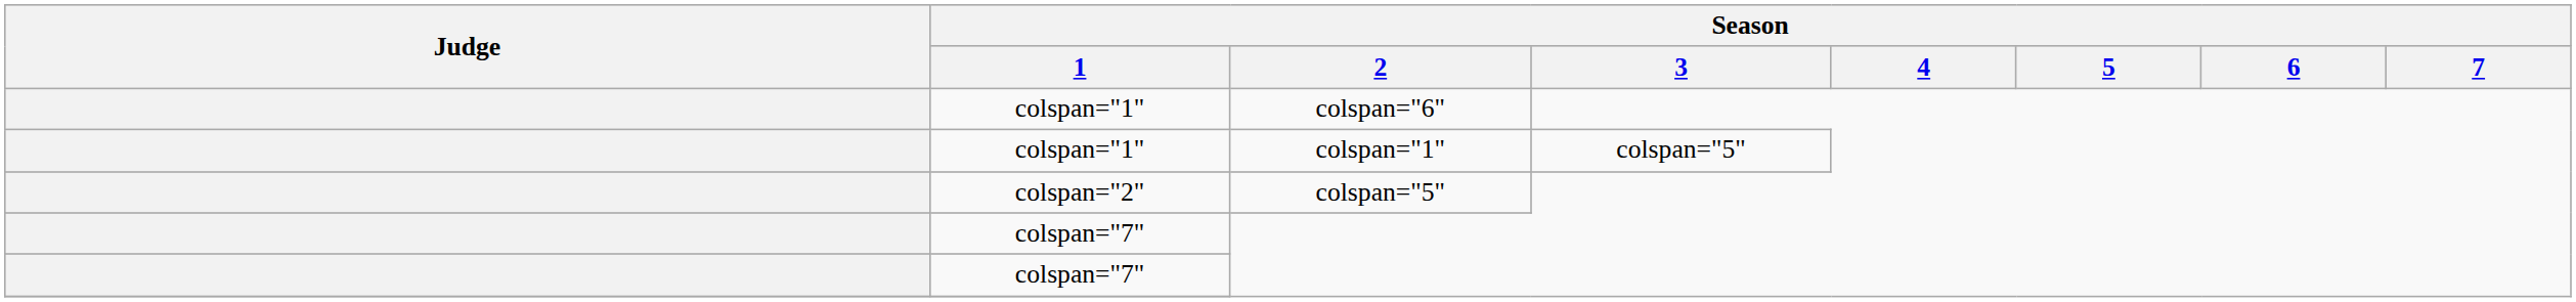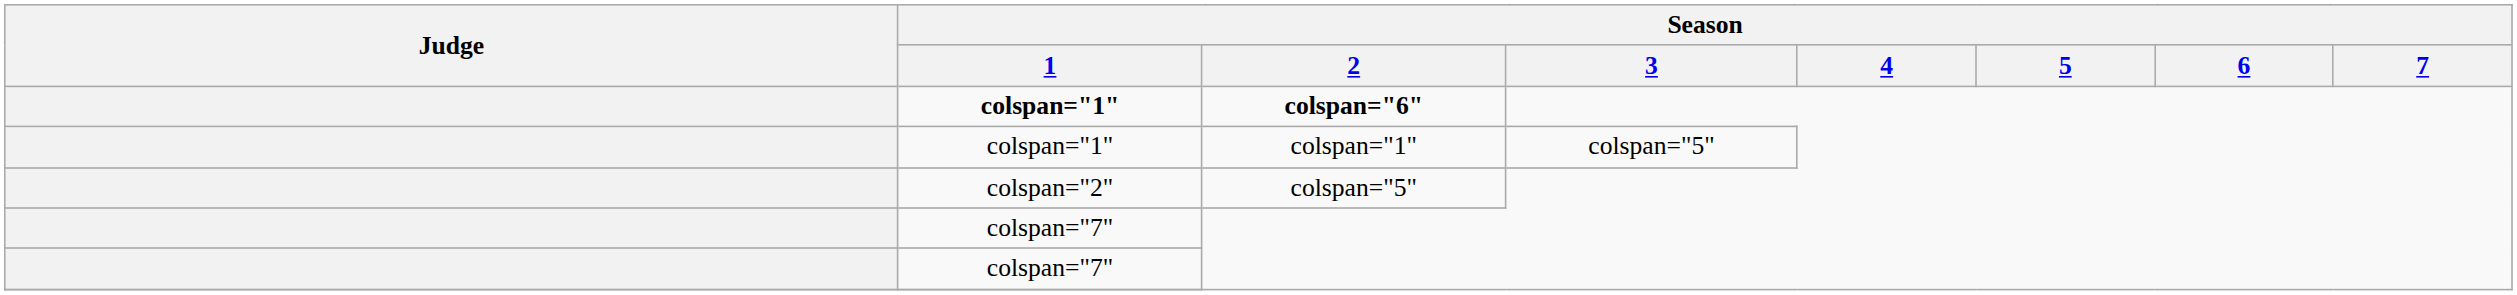 <table class="wikitable plainrowheaders" style="text-align:center">
 <tr>
 <th rowspan="2" style="width:5%;" scope="col">Judge</th>
 <th colspan="8">Season</th>
 </tr>
 <tr>
 <th style="width:1%;" scope="colspan"><a href='#'>1</a></th>
 <th style="width:1%;" scope="colspan"><a href='#'>2</a></th>
 <th style="width:1%;" scope="colspan"><a href='#'>3</a></th>
 <th style="width:1%;" scope="colspan"><a href='#'>4</a></th>
 <th style="width:1%;" scope="colspan"><a href='#'>5</a></th>
 <th style="width:1%;" scope="colspan"><a href='#'>6</a></th>
 <th style="width:1%;" scope="colspan"><a href='#'>7</a></th>
 </tr>
 <tr>
 <th scope="row"></th>
-<td>colspan="1" </td>
-<td>colspan="6" </td>
+<td><strong>colspan="1" </strong></td>
+<td><strong>colspan="6" </strong></td>
 </tr>
 <tr>
 <th scope="row"></th>
 <td>colspan="1" </td>
 <td>colspan="1" </td>
 <td>colspan="5" </td>
 </tr>
 <tr>
 <th scope="row"></th>
 <td>colspan="2" </td>
 <td>colspan="5" </td>
 </tr>
 <tr>
 <th scope="row"></th>
 <td>colspan="7" </td>
 </tr>
 <tr>
 <th scope="row"></th>
 <td>colspan="7" </td>
 </tr>
 <tr>
 </tr>
 </table>
